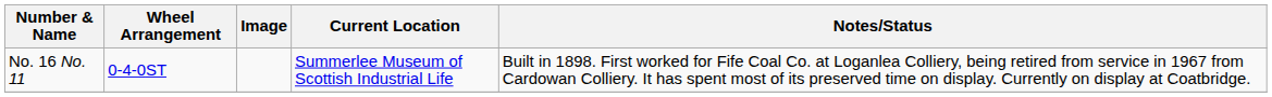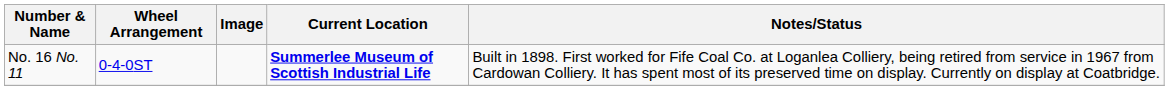 <table class="wikitable sortable">
 <tr>
 <th>Number & Name</th>
 <th>Wheel Arrangement</th>
 <th class="unsortable">Image</th>
 <th>Current Location</th>
 <th>Notes/Status</th>
 </tr>
 <tr>
 <td>No. 16 <em>No. 11</em></td>
 <td><a href='#'>0-4-0</a><a href='#'>ST</a></td>
 <td></td>
-<td><a href='#'>Summerlee Museum of Scottish Industrial Life</a></td>
+<td><strong><a href='#'>Summerlee Museum of Scottish Industrial Life</a></strong></td>
 <td>Built in 1898. First worked for Fife Coal Co. at Loganlea Colliery, being retired from service in 1967 from Cardowan Colliery. It has spent most of its preserved time on display. Currently on display at Coatbridge.</td>
 </tr>
 <tr>
 </tr>
 </table>
